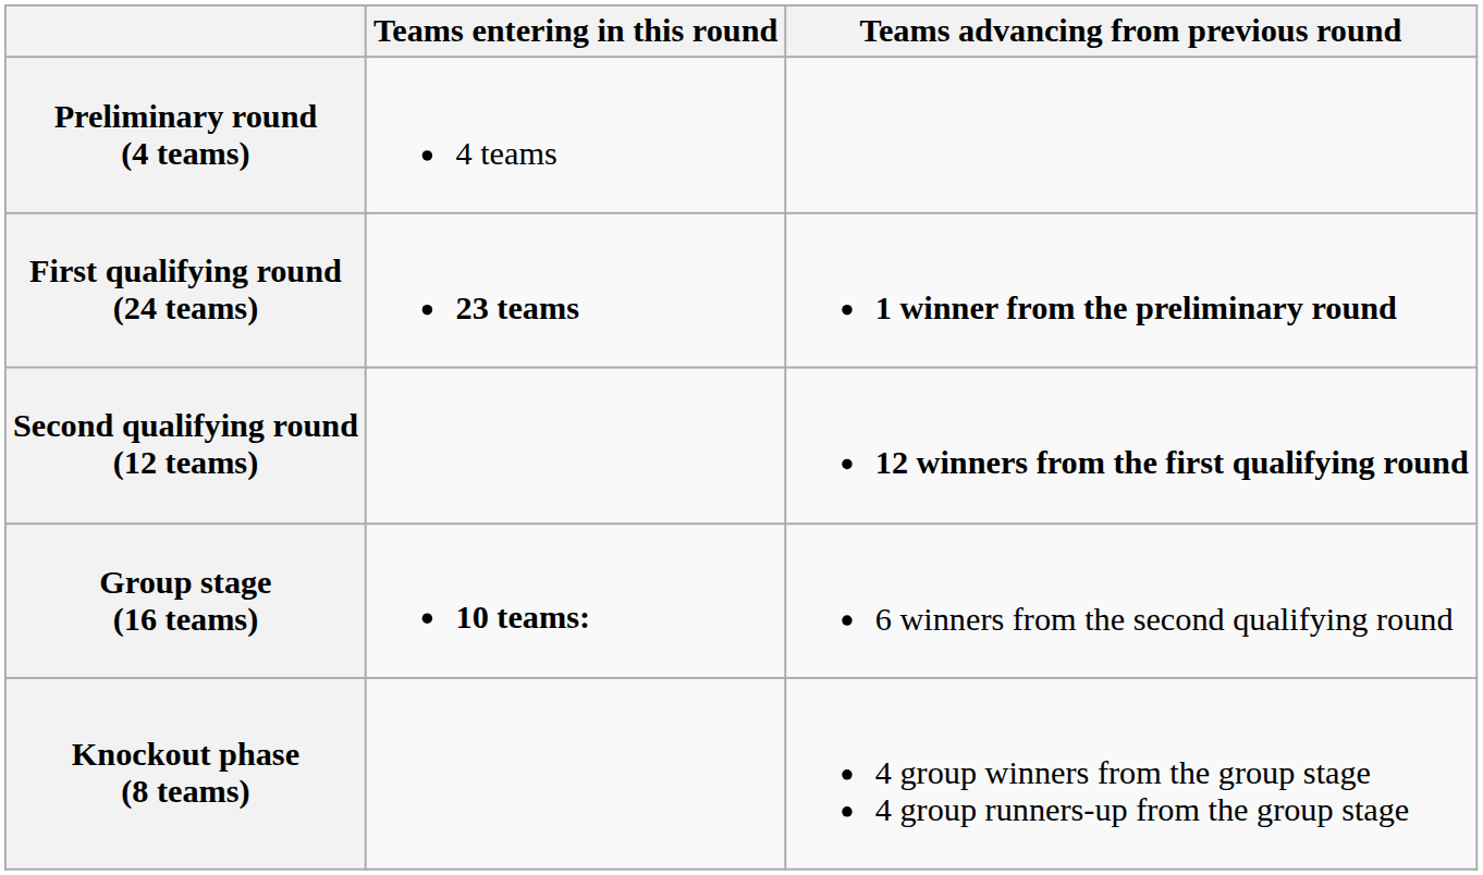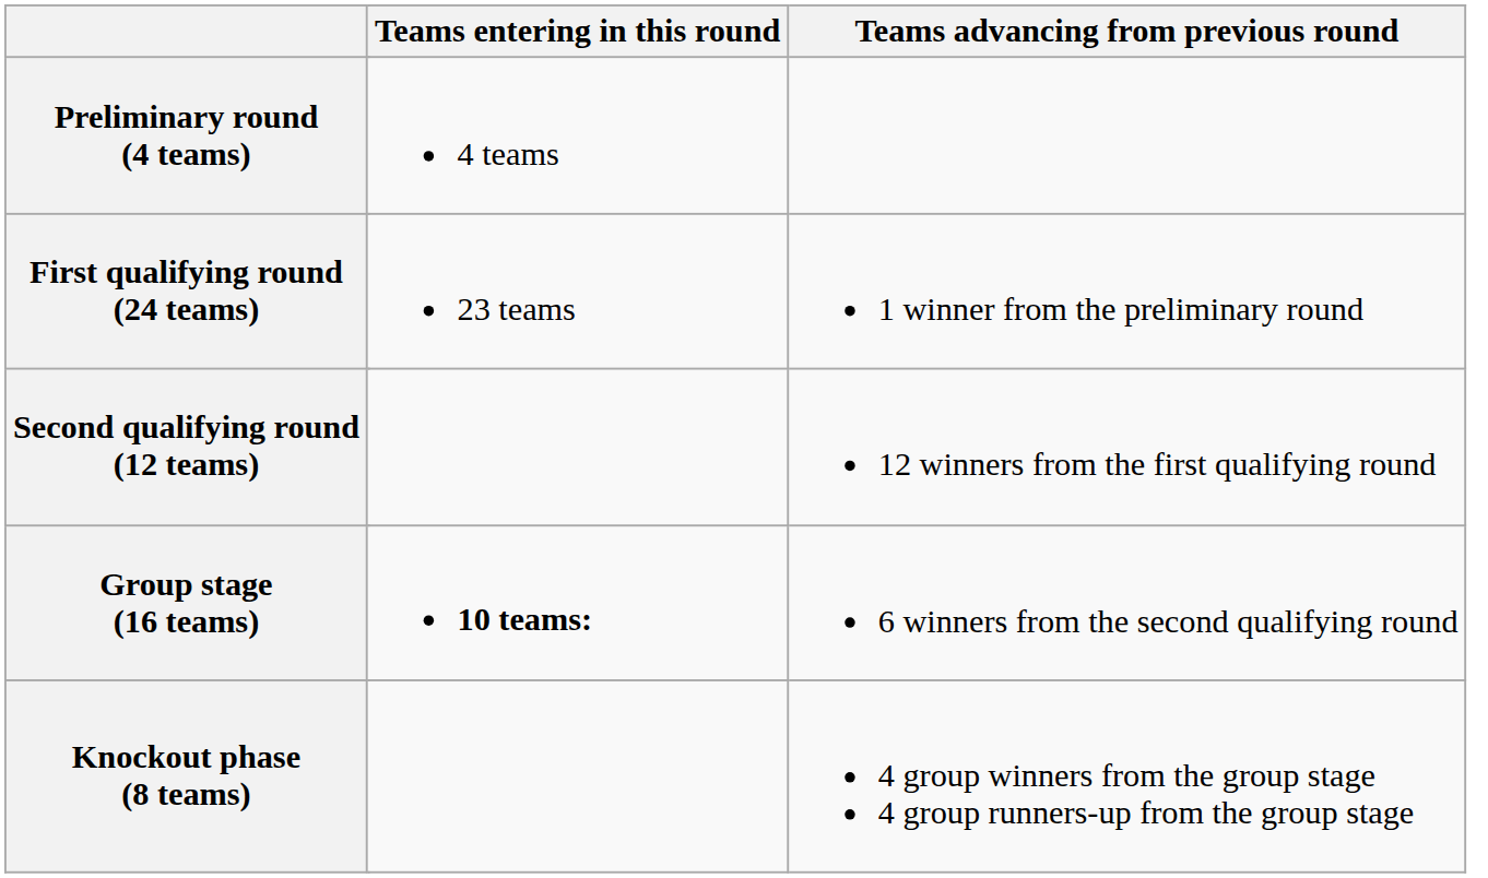 <table class="wikitable">
 <tr>
 <th colspan=2></th>
 <th>Teams entering in this round</th>
 <th>Teams advancing from previous round</th>
 </tr>
 <tr>
 <th colspan=2>Preliminary round<br>(4 teams)</th>
 <td><br><ul><li>4 teams</li></ul></td>
 <td></td>
 </tr>
 <tr>
 <th colspan=2>First qualifying round<br>(24 teams)</th>
-<td><strong><br><ul><li>23 teams</li></ul></strong></td>
-<td><strong><br><ul><li>1 winner from the preliminary round</li></ul></strong></td>
+<td><br><ul><li>23 teams</li></ul></td>
+<td><br><ul><li>1 winner from the preliminary round</li></ul></td>
 </tr>
 <tr>
 <th colspan=2>Second qualifying round<br>(12 teams)</th>
 <td></td>
-<td><strong><br><ul><li>12 winners from the first qualifying round</li></ul></strong></td>
+<td><br><ul><li>12 winners from the first qualifying round</li></ul></td>
 </tr>
 <tr>
 <th colspan=2>Group stage<br>(16 teams)</th>
 <td style="line-height:15px;"><strong><br><ul><li>10 teams:</li></ul></strong></td>
 <td><br><ul><li>6 winners from the second qualifying round</li></ul></td>
 </tr>
 <tr>
 <th colspan=2>Knockout phase<br>(8 teams)</th>
 <td></td>
 <td><br><ul><li>4 group winners from the group stage</li><li>4 group runners-up from the group stage</li></ul></td>
 </tr>
 </table>
